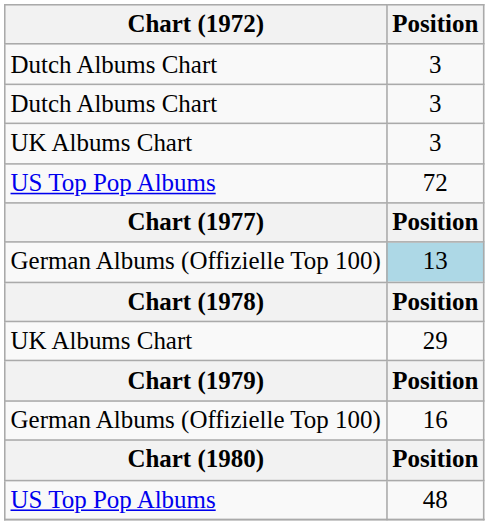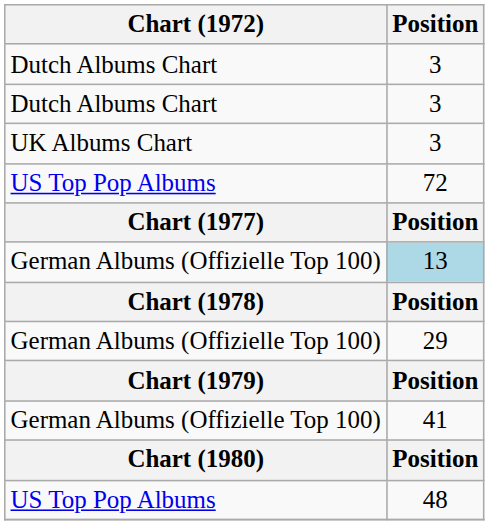 <table class="wikitable sortable" style="text-align:center;">
 <tr>
 <th>Chart (1972)</th>
 <th>Position</th>
 </tr>
 <tr>
 <td align="left">Dutch Albums Chart</td>
 <td>3</td>
 </tr>
 <tr>
 <td align="left">Dutch Albums Chart</td>
 <td>3</td>
 </tr>
 <tr>
 <td align="left">UK Albums Chart</td>
 <td>3</td>
 </tr>
 <tr>
 <td align="left"><a href='#'>US Top Pop Albums</a></td>
 <td>72</td>
 </tr>
 <tr>
 <th scope="col">Chart (1977)</th>
 <th scope="col">Position</th>
 </tr>
 <tr>
 <td align="left">German Albums (Offizielle Top 100)</td>
 <td style="background: lightblue;">13</td>
 </tr>
 <tr>
 <th scope="col">Chart (1978)</th>
 <th scope="col">Position</th>
 </tr>
 <tr>
-<td align="left">UK Albums Chart</td>
+<td align="left">German Albums (Offizielle Top 100)</td>
 <td>29</td>
 </tr>
 <tr>
 <th scope="col">Chart (1979)</th>
 <th scope="col">Position</th>
 </tr>
 <tr>
 <td align="left">German Albums (Offizielle Top 100)</td>
-<td>16</td>
+<td>41</td>
 </tr>
 <tr>
 <th scope="col">Chart (1980)</th>
 <th scope="col">Position</th>
 </tr>
 <tr>
 <td align="left"><a href='#'>US Top Pop Albums</a></td>
 <td>48</td>
 </tr>
 <tr>
 </tr>
 </table>
